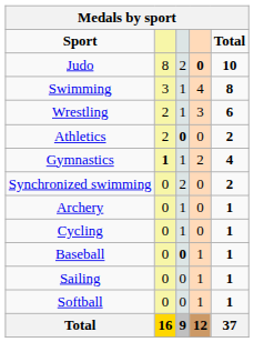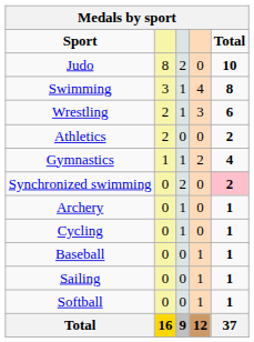 <table class="wikitable" style="font-size:95%; float: right;">
 <tr style="background:#efefef;">
 <th colspan=5>Medals by sport</th>
 </tr>
 <tr align=center>
 <td><strong>Sport</strong></td>
 <td bgcolor=#f7f6a8></td>
 <td bgcolor=#dce5e5></td>
 <td bgcolor=#ffdab9></td>
 <td><strong>Total</strong></td>
 </tr>
 <tr align=center>
 <td><a href='#'>Judo</a></td>
 <td style="background:#F7F6A8;">8</td>
 <td style="background:#DCE5E5;">2</td>
-<td style="background:#FFDAB9;"><strong>0</strong></td>
+<td style="background:#FFDAB9;">0</td>
 <td><strong>10</strong></td>
 </tr>
 <tr align=center>
 <td><a href='#'>Swimming</a></td>
 <td style="background:#F7F6A8;">3</td>
 <td style="background:#DCE5E5;">1</td>
 <td style="background:#FFDAB9;">4</td>
 <td><strong>8</strong></td>
 </tr>
 <tr align=center>
 <td><a href='#'>Wrestling</a></td>
 <td style="background:#F7F6A8;">2</td>
 <td style="background:#DCE5E5;">1</td>
 <td style="background:#FFDAB9;">3</td>
 <td><strong>6</strong></td>
 </tr>
 <tr align=center>
 <td><a href='#'>Athletics</a></td>
 <td style="background:#F7F6A8;">2</td>
-<td style="background:#DCE5E5;"><strong>0</strong></td>
+<td style="background:#DCE5E5;">0</td>
 <td style="background:#FFDAB9;">0</td>
 <td><strong>2</strong></td>
 </tr>
 <tr align=center>
 <td><a href='#'>Gymnastics</a></td>
-<td style="background:#F7F6A8;"><strong>1</strong></td>
+<td style="background:#F7F6A8;">1</td>
 <td style="background:#DCE5E5;">1</td>
 <td style="background:#FFDAB9;">2</td>
 <td><strong>4</strong></td>
 </tr>
 <tr align=center>
 <td><a href='#'>Synchronized swimming</a></td>
 <td style="background:#F7F6A8;">0</td>
 <td style="background:#DCE5E5;">2</td>
 <td style="background:#FFDAB9;">0</td>
-<td><strong>2</strong></td>
+<td style="background: pink;"><strong>2</strong></td>
 </tr>
 <tr align=center>
 <td><a href='#'>Archery</a></td>
 <td style="background:#F7F6A8;">0</td>
 <td style="background:#DCE5E5;">1</td>
 <td style="background:#FFDAB9;">0</td>
 <td><strong>1</strong></td>
 </tr>
 <tr align=center>
 <td><a href='#'>Cycling</a></td>
 <td style="background:#F7F6A8;">0</td>
 <td style="background:#DCE5E5;">1</td>
 <td style="background:#FFDAB9;">0</td>
 <td><strong>1</strong></td>
 </tr>
 <tr align=center>
 <td><a href='#'>Baseball</a></td>
 <td style="background:#F7F6A8;">0</td>
-<td style="background:#DCE5E5;"><strong>0</strong></td>
+<td style="background:#DCE5E5;">0</td>
 <td style="background:#FFDAB9;">1</td>
 <td><strong>1</strong></td>
 </tr>
 <tr align=center>
 <td><a href='#'>Sailing</a></td>
 <td style="background:#F7F6A8;">0</td>
 <td style="background:#DCE5E5;">0</td>
 <td style="background:#FFDAB9;">1</td>
 <td><strong>1</strong></td>
 </tr>
 <tr align=center>
 <td><a href='#'>Softball</a></td>
 <td style="background:#F7F6A8;">0</td>
 <td style="background:#DCE5E5;">0</td>
 <td style="background:#FFDAB9;">1</td>
 <td><strong>1</strong></td>
 </tr>
 <tr align=center>
 <th>Total</th>
 <th style="background:gold;">16</th>
 <th style="background:silver;">9</th>
 <th style="background:#c96;">12</th>
 <th>37</th>
 </tr>
 </table>
